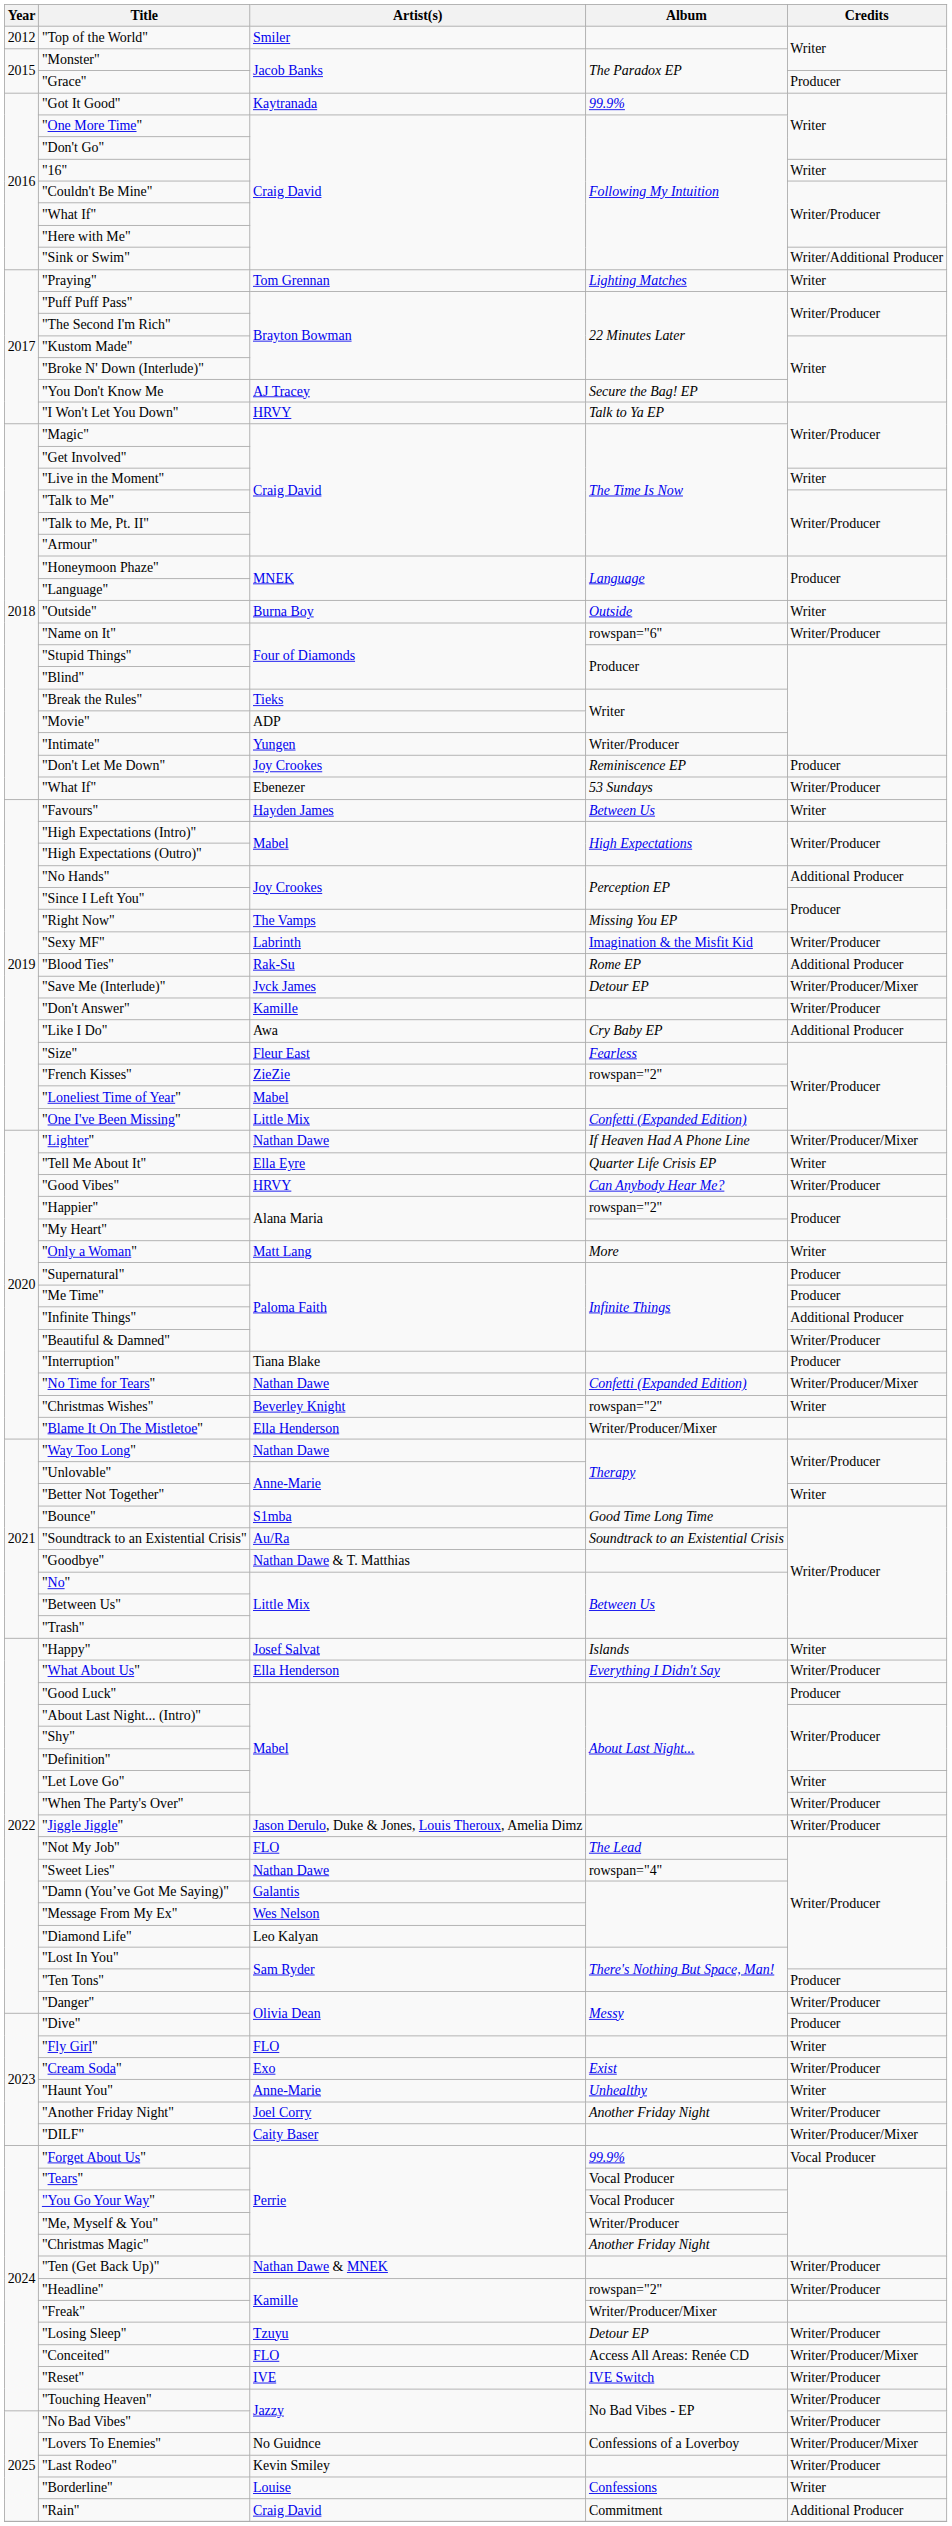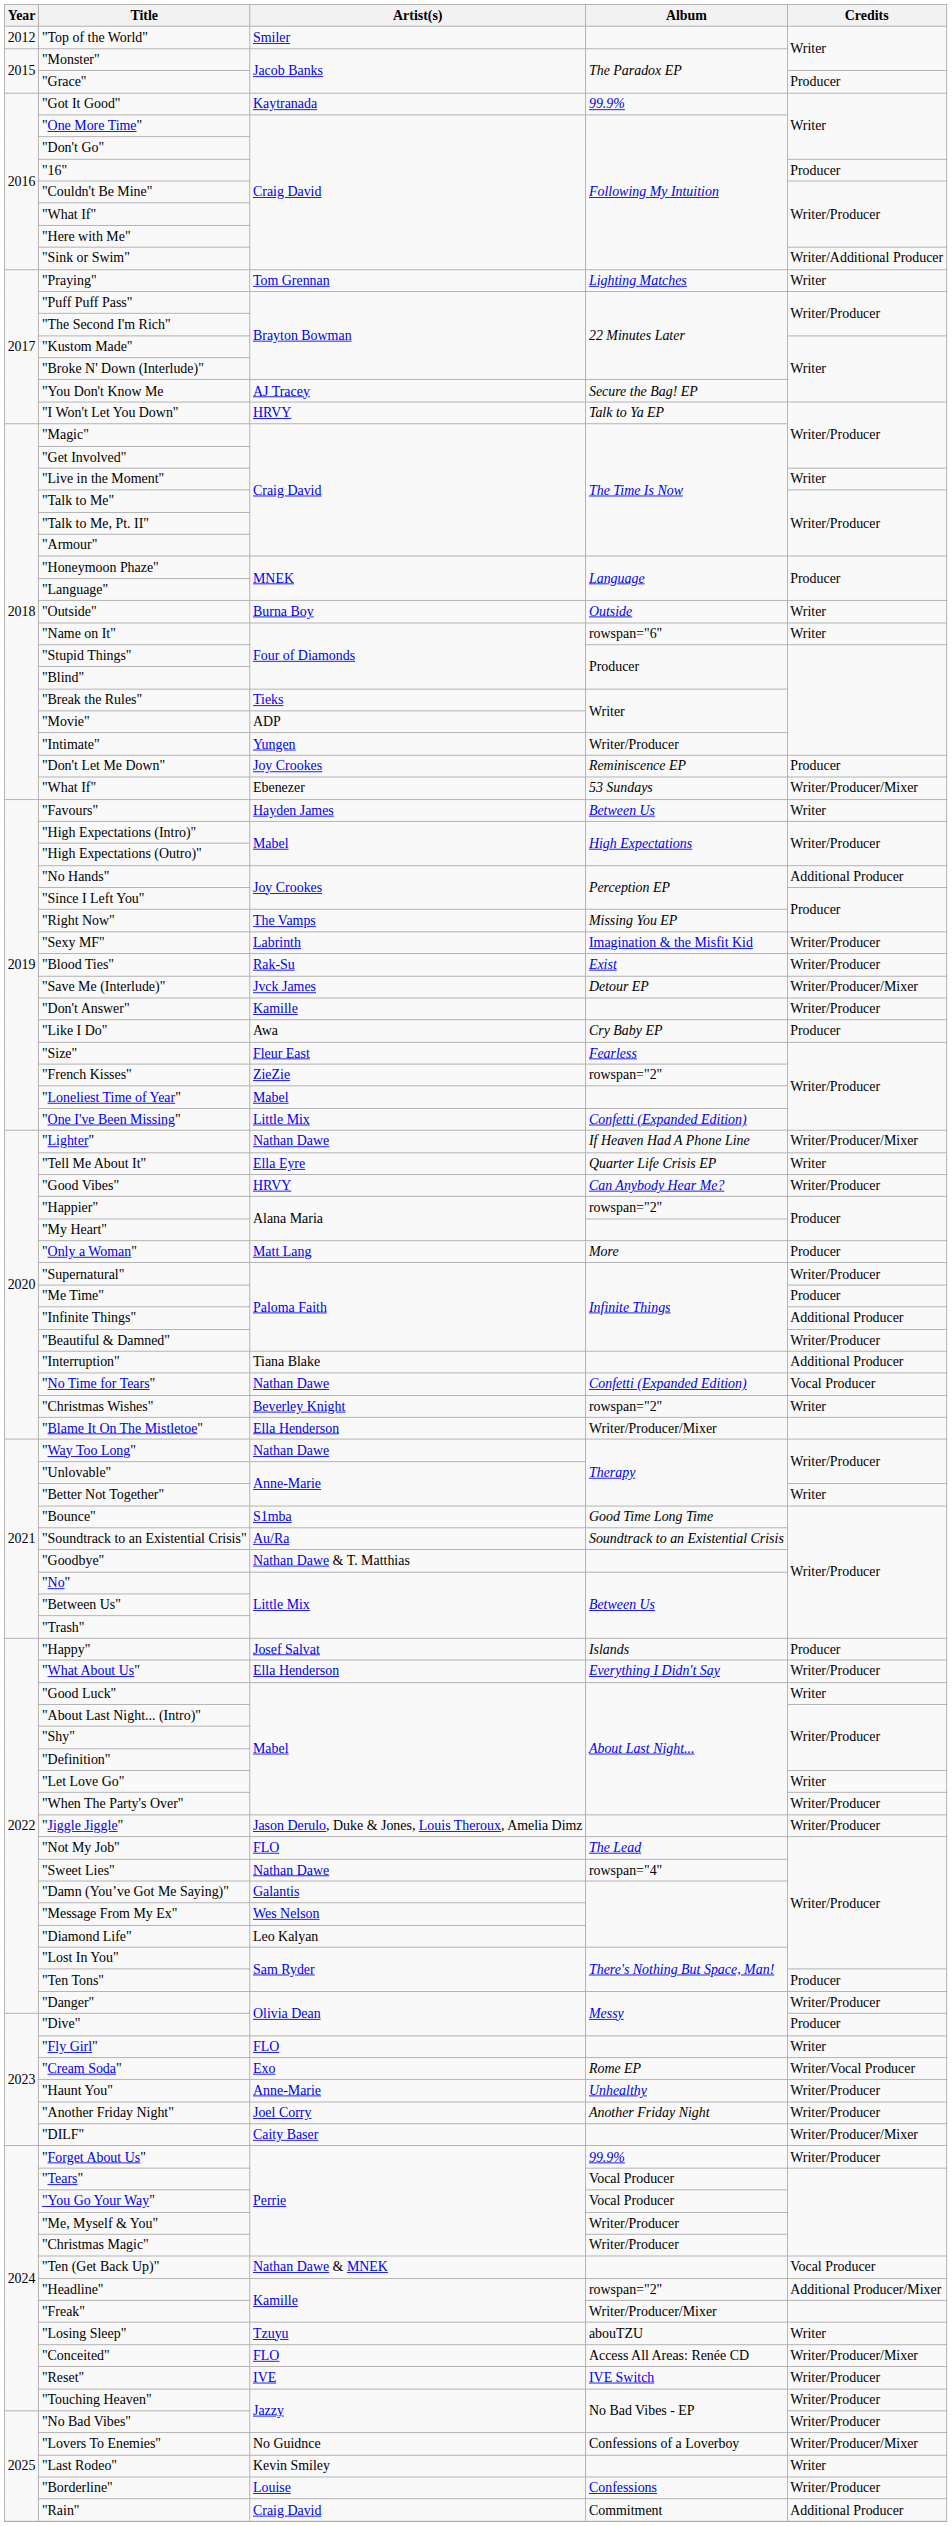 <table class="wikitable plainrowheaders"">
 <tr>
 <th scope="col">Year</th>
 <th scope="col">Title</th>
 <th scope="col">Artist(s)</th>
 <th scope="col">Album</th>
 <th scope="col">Credits</th>
 </tr>
 <tr>
 <td>2012</td>
 <td>"Top of the World" </td>
 <td><a href='#'>Smiler</a></td>
 <td></td>
 <td rowspan="2">Writer</td>
 </tr>
 <tr>
 <td rowspan="2">2015</td>
 <td>"Monster" </td>
 <td rowspan="2"><a href='#'>Jacob Banks</a></td>
 <td rowspan="2"><em>The Paradox EP</em></td>
 </tr>
 <tr>
 <td>"Grace"</td>
 <td>Producer</td>
 </tr>
 <tr>
 <td rowspan="8">2016</td>
 <td>"Got It Good" </td>
 <td><a href='#'>Kaytranada</a></td>
 <td><em><a href='#'>99.9%</a></em></td>
 <td rowspan="3">Writer</td>
 </tr>
 <tr>
 <td>"<a href='#'>One More Time</a>"</td>
 <td rowspan="7"><a href='#'>Craig David</a></td>
 <td rowspan="7"><em><a href='#'>Following My Intuition</a></em></td>
 </tr>
 <tr>
 <td>"Don't Go"</td>
 </tr>
 <tr>
 <td>"16"</td>
-<td>Writer</td>
+<td>Producer</td>
 </tr>
 <tr>
 <td>"Couldn't Be Mine"</td>
 <td rowspan="3">Writer/Producer</td>
 </tr>
 <tr>
 <td>"What If"</td>
 </tr>
 <tr>
 <td>"Here with Me"</td>
 </tr>
 <tr>
 <td>"Sink or Swim"</td>
 <td>Writer/Additional Producer</td>
 </tr>
 <tr>
 <td rowspan="7">2017</td>
 <td>"Praying"</td>
 <td><a href='#'>Tom Grennan</a></td>
 <td><em><a href='#'>Lighting Matches</a></em></td>
 <td>Writer</td>
 </tr>
 <tr>
 <td>"Puff Puff Pass"</td>
 <td rowspan="4"><a href='#'>Brayton Bowman</a></td>
 <td rowspan="4"><em>22 Minutes Later</em></td>
 <td rowspan="2">Writer/Producer</td>
 </tr>
 <tr>
 <td>"The Second I'm Rich"</td>
 </tr>
 <tr>
 <td>"Kustom Made"</td>
 <td rowspan="3">Writer</td>
 </tr>
 <tr>
 <td>"Broke N' Down (Interlude)"</td>
 </tr>
 <tr>
 <td>"You Don't Know Me </td>
 <td><a href='#'>AJ Tracey</a></td>
 <td><em>Secure the Bag! EP</em></td>
 </tr>
 <tr>
 <td>"I Won't Let You Down"</td>
 <td><a href='#'>HRVY</a></td>
 <td><em>Talk to Ya EP</em></td>
 <td rowspan="3">Writer/Producer</td>
 </tr>
 <tr>
 <td rowspan="17">2018</td>
 <td>"Magic"</td>
 <td rowspan="6"><a href='#'>Craig David</a></td>
 <td rowspan="6"><em><a href='#'>The Time Is Now</a></em></td>
 </tr>
 <tr>
 <td>"Get Involved" </td>
 </tr>
 <tr>
 <td>"Live in the Moment" </td>
 <td>Writer</td>
 </tr>
 <tr>
 <td>"Talk to Me"</td>
 <td rowspan="3">Writer/Producer</td>
 </tr>
 <tr>
 <td>"Talk to Me, Pt. II" </td>
 </tr>
 <tr>
 <td>"Armour"</td>
 </tr>
 <tr>
 <td>"Honeymoon Phaze"</td>
 <td rowspan="2"><a href='#'>MNEK</a></td>
 <td rowspan="2"><em><a href='#'>Language</a></em></td>
 <td rowspan="2">Producer</td>
 </tr>
 <tr>
 <td>"Language"</td>
 </tr>
 <tr>
 <td>"Outside" </td>
 <td><a href='#'>Burna Boy</a></td>
 <td><em><a href='#'>Outside</a></em></td>
 <td>Writer</td>
 </tr>
 <tr>
 <td>"Name on It" </td>
 <td rowspan="3"><a href='#'>Four of Diamonds</a></td>
 <td>rowspan="6" </td>
-<td>Writer/Producer</td>
+<td>Writer</td>
 </tr>
 <tr>
 <td>"Stupid Things" </td>
 <td rowspan="2">Producer</td>
 </tr>
 <tr>
 <td>"Blind"</td>
 </tr>
 <tr>
 <td>"Break the Rules" </td>
 <td><a href='#'>Tieks</a></td>
 <td rowspan="2">Writer</td>
 </tr>
 <tr>
 <td>"Movie" </td>
 <td>ADP</td>
 </tr>
 <tr>
 <td>"Intimate" </td>
 <td><a href='#'>Yungen</a></td>
 <td>Writer/Producer</td>
 </tr>
 <tr>
 <td>"Don't Let Me Down"</td>
 <td><a href='#'>Joy Crookes</a></td>
 <td><em>Reminiscence EP</em></td>
 <td>Producer</td>
 </tr>
 <tr>
 <td>"What If"</td>
 <td>Ebenezer</td>
 <td><em>53 Sundays</em></td>
-<td>Writer/Producer</td>
+<td>Writer/Producer/Mixer</td>
 </tr>
 <tr>
 <td rowspan="15">2019</td>
 <td>"Favours" </td>
 <td><a href='#'>Hayden James</a></td>
 <td><em><a href='#'>Between Us</a></em></td>
 <td>Writer</td>
 </tr>
 <tr>
 <td>"High Expectations (Intro)"</td>
 <td rowspan="2"><a href='#'>Mabel</a></td>
 <td rowspan="2"><em><a href='#'>High Expectations</a></em></td>
 <td rowspan="2">Writer/Producer</td>
 </tr>
 <tr>
 <td>"High Expectations (Outro)"</td>
 </tr>
 <tr>
 <td>"No Hands"</td>
 <td rowspan="2"><a href='#'>Joy Crookes</a></td>
 <td rowspan="2"><em>Perception EP</em></td>
 <td>Additional Producer</td>
 </tr>
 <tr>
 <td>"Since I Left You"</td>
 <td rowspan="2">Producer</td>
 </tr>
 <tr>
 <td>"Right Now" </td>
 <td><a href='#'>The Vamps</a></td>
 <td><em>Missing You EP</em></td>
 </tr>
 <tr>
 <td>"Sexy MF"</td>
 <td><a href='#'>Labrinth</a></td>
 <td><a href='#'>Imagination & the Misfit Kid</a></td>
 <td>Writer/Producer</td>
 </tr>
 <tr>
 <td>"Blood Ties"</td>
 <td><a href='#'>Rak-Su</a></td>
-<td><em>Rome EP</em></td>
-<td>Additional Producer</td>
+<td><em><a href='#'>Exist</a></em></td>
+<td>Writer/Producer</td>
 </tr>
 <tr>
 <td>"Save Me (Interlude)"</td>
 <td><a href='#'>Jvck James</a></td>
 <td><em>Detour EP</em></td>
 <td>Writer/Producer/Mixer</td>
 </tr>
 <tr>
 <td>"Don't Answer" </td>
 <td><a href='#'>Kamille</a></td>
 <td></td>
 <td>Writer/Producer</td>
 </tr>
 <tr>
 <td>"Like I Do"</td>
 <td>Awa</td>
 <td><em>Cry Baby EP</em></td>
-<td>Additional Producer</td>
+<td>Producer</td>
 </tr>
 <tr>
 <td>"Size"</td>
 <td><a href='#'>Fleur East</a></td>
 <td><em><a href='#'>Fearless</a></em></td>
 <td rowspan="4">Writer/Producer</td>
 </tr>
 <tr>
 <td>"French Kisses" </td>
 <td><a href='#'>ZieZie</a></td>
 <td>rowspan="2" </td>
 </tr>
 <tr>
 <td>"<a href='#'>Loneliest Time of Year</a>"</td>
 <td><a href='#'>Mabel</a></td>
 </tr>
 <tr>
 <td>"<a href='#'>One I've Been Missing</a>"</td>
 <td><a href='#'>Little Mix</a></td>
 <td><em><a href='#'>Confetti (Expanded Edition)</a></em></td>
 </tr>
 <tr>
 <td rowspan="14">2020</td>
 <td>"<a href='#'>Lighter</a>" </td>
 <td><a href='#'>Nathan Dawe</a></td>
 <td><em>If Heaven Had A Phone Line</em></td>
 <td>Writer/Producer/Mixer</td>
 </tr>
 <tr>
 <td>"Tell Me About It"</td>
 <td><a href='#'>Ella Eyre</a></td>
 <td><em>Quarter Life Crisis EP</em></td>
 <td>Writer</td>
 </tr>
 <tr>
 <td>"Good Vibes" </td>
 <td><a href='#'>HRVY</a></td>
 <td><em><a href='#'>Can Anybody Hear Me?</a></em></td>
 <td>Writer/Producer</td>
 </tr>
 <tr>
 <td>"Happier"</td>
 <td rowspan="2">Alana Maria</td>
 <td>rowspan="2" </td>
 <td rowspan="2">Producer</td>
 </tr>
 <tr>
 <td>"My Heart"</td>
 </tr>
 <tr>
 <td>"<a href='#'>Only a Woman</a>"</td>
 <td><a href='#'>Matt Lang</a></td>
 <td><em>More</em></td>
-<td>Writer</td>
+<td>Producer</td>
 </tr>
 <tr>
 <td>"Supernatural"</td>
 <td rowspan="4"><a href='#'>Paloma Faith</a></td>
 <td rowspan="4"><em><a href='#'>Infinite Things</a></em></td>
-<td>Producer</td>
+<td>Writer/Producer</td>
 </tr>
 <tr>
 <td>"Me Time"</td>
 <td>Producer</td>
 </tr>
 <tr>
 <td>"Infinite Things"</td>
 <td>Additional Producer</td>
 </tr>
 <tr>
 <td>"Beautiful & Damned"</td>
 <td>Writer/Producer</td>
 </tr>
 <tr>
 <td>"Interruption"</td>
 <td>Tiana Blake</td>
 <td></td>
-<td>Producer</td>
+<td>Additional Producer</td>
 </tr>
 <tr>
 <td>"<a href='#'>No Time for Tears</a>" </td>
 <td><a href='#'>Nathan Dawe</a></td>
 <td><em><a href='#'>Confetti (Expanded Edition)</a></em></td>
-<td>Writer/Producer/Mixer</td>
+<td>Vocal Producer</td>
 </tr>
 <tr>
 <td>"Christmas Wishes" </td>
 <td><a href='#'>Beverley Knight</a></td>
 <td>rowspan="2" </td>
 <td>Writer</td>
 </tr>
 <tr>
 <td>"<a href='#'>Blame It On The Mistletoe</a>" </td>
 <td><a href='#'>Ella Henderson</a></td>
 <td>Writer/Producer/Mixer</td>
 </tr>
 <tr>
 <td rowspan="9">2021</td>
 <td>"<a href='#'>Way Too Long</a>" </td>
 <td><a href='#'>Nathan Dawe</a></td>
 <td rowspan="3"><em><a href='#'>Therapy</a></em></td>
 <td rowspan="2">Writer/Producer</td>
 </tr>
 <tr>
 <td>"Unlovable" </td>
 <td rowspan="2"><a href='#'>Anne-Marie</a></td>
 </tr>
 <tr>
 <td>"Better Not Together"</td>
 <td>Writer</td>
 </tr>
 <tr>
 <td>"Bounce" </td>
 <td><a href='#'>S1mba</a></td>
 <td><em>Good Time Long Time</em></td>
 <td rowspan="6">Writer/Producer</td>
 </tr>
 <tr>
 <td>"Soundtrack to an Existential Crisis"</td>
 <td><a href='#'>Au/Ra</a></td>
 <td><em>Soundtrack to an Existential Crisis</em></td>
 </tr>
 <tr>
 <td>"Goodbye"</td>
 <td><a href='#'>Nathan Dawe</a> & T. Matthias</td>
 <td></td>
 </tr>
 <tr>
 <td>"<a href='#'>No</a>"</td>
 <td rowspan="3"><a href='#'>Little Mix</a></td>
 <td rowspan="3"><em><a href='#'>Between Us</a></em></td>
 </tr>
 <tr>
 <td>"Between Us"</td>
 </tr>
 <tr>
 <td>"Trash"</td>
 </tr>
 <tr>
 <td rowspan="17">2022</td>
 <td>"Happy"</td>
 <td><a href='#'>Josef Salvat</a></td>
 <td><em>Islands</em></td>
-<td>Writer</td>
+<td>Producer</td>
 </tr>
 <tr>
 <td>"<a href='#'>What About Us</a>"</td>
 <td><a href='#'>Ella Henderson</a></td>
 <td><em><a href='#'>Everything I Didn't Say</a></em></td>
 <td>Writer/Producer</td>
 </tr>
 <tr>
 <td>"Good Luck" </td>
 <td rowspan="6"><a href='#'>Mabel</a></td>
 <td rowspan="6"><em><a href='#'>About Last Night...</a></em></td>
-<td>Producer</td>
+<td>Writer</td>
 </tr>
 <tr>
 <td>"About Last Night... (Intro)"</td>
 <td rowspan="3">Writer/Producer</td>
 </tr>
 <tr>
 <td>"Shy"</td>
 </tr>
 <tr>
 <td>"Definition"</td>
 </tr>
 <tr>
 <td>"Let Love Go" </td>
 <td>Writer</td>
 </tr>
 <tr>
 <td>"When The Party's Over"</td>
 <td>Writer/Producer</td>
 </tr>
 <tr>
 <td>"<a href='#'>Jiggle Jiggle</a>"</td>
 <td><a href='#'>Jason Derulo</a>, Duke & Jones, <a href='#'>Louis Theroux</a>, Amelia Dimz</td>
 <td></td>
 <td>Writer/Producer</td>
 </tr>
 <tr>
 <td>"Not My Job"</td>
 <td><a href='#'>FLO</a></td>
 <td><em><a href='#'>The Lead</a></em></td>
 <td rowspan="6">Writer/Producer</td>
 </tr>
 <tr>
 <td>"Sweet Lies" </td>
 <td><a href='#'>Nathan Dawe</a></td>
 <td>rowspan="4" </td>
 </tr>
 <tr>
 <td>"Damn (You’ve Got Me Saying)" </td>
 <td><a href='#'>Galantis</a></td>
 </tr>
 <tr>
 <td>"Message From My Ex"</td>
 <td><a href='#'>Wes Nelson</a></td>
 </tr>
 <tr>
 <td>"Diamond Life" </td>
 <td>Leo Kalyan</td>
 </tr>
 <tr>
 <td>"Lost In You"</td>
 <td rowspan="2"><a href='#'>Sam Ryder</a></td>
 <td rowspan="2"><em><a href='#'>There's Nothing But Space, Man!</a></em></td>
 </tr>
 <tr>
 <td>"Ten Tons"</td>
 <td>Producer</td>
 </tr>
 <tr>
 <td>"Danger"</td>
 <td rowspan="2"><a href='#'>Olivia Dean</a></td>
 <td rowspan="2"><em><a href='#'>Messy</a></em></td>
 <td>Writer/Producer</td>
 </tr>
 <tr>
 <td rowspan="6">2023</td>
 <td>"Dive"</td>
 <td>Producer</td>
 </tr>
 <tr>
 <td>"<a href='#'>Fly Girl</a>" </td>
 <td><a href='#'>FLO</a></td>
 <td></td>
 <td>Writer</td>
 </tr>
 <tr>
 <td>"<a href='#'>Cream Soda</a>"</td>
 <td><a href='#'>Exo</a></td>
-<td><em><a href='#'>Exist</a></em></td>
-<td>Writer/Producer</td>
+<td><em>Rome EP</em></td>
+<td>Writer/Vocal Producer</td>
 </tr>
 <tr>
 <td>"Haunt You"</td>
 <td><a href='#'>Anne-Marie</a></td>
 <td><em><a href='#'>Unhealthy</a></em></td>
-<td>Writer</td>
+<td>Writer/Producer</td>
 </tr>
 <tr>
 <td>"Another Friday Night"</td>
 <td><a href='#'>Joel Corry</a></td>
 <td><em>Another Friday Night</em></td>
 <td>Writer/Producer</td>
 </tr>
 <tr>
 <td>"DILF"</td>
 <td><a href='#'>Caity Baser</a></td>
 <td></td>
 <td>Writer/Producer/Mixer</td>
 </tr>
 <tr>
 <td rowspan="12">2024</td>
 <td>"<a href='#'>Forget About Us</a>"</td>
 <td rowspan="5"><a href='#'>Perrie</a></td>
 <td><em><a href='#'>99.9%</a></em></td>
-<td>Vocal Producer</td>
+<td>Writer/Producer</td>
 </tr>
 <tr>
 <td>"<a href='#'>Tears</a>"</td>
 <td>Vocal Producer</td>
 </tr>
 <tr>
 <td><a href='#'>"You Go Your Way</a>"</td>
 <td>Vocal Producer</td>
 </tr>
 <tr>
 <td>"Me, Myself & You"</td>
 <td>Writer/Producer</td>
 </tr>
 <tr>
 <td>"Christmas Magic"</td>
-<td><em>Another Friday Night</em></td>
+<td>Writer/Producer</td>
 </tr>
 <tr>
 <td>"Ten (Get Back Up)"</td>
 <td><a href='#'>Nathan Dawe</a> & <a href='#'>MNEK</a></td>
 <td></td>
-<td>Writer/Producer</td>
+<td>Vocal Producer</td>
 </tr>
 <tr>
 <td>"Headline"</td>
 <td rowspan="2"><a href='#'>Kamille</a></td>
 <td>rowspan="2" </td>
-<td>Writer/Producer</td>
+<td>Additional Producer/Mixer</td>
 </tr>
 <tr>
 <td>"Freak"</td>
 <td>Writer/Producer/Mixer</td>
 </tr>
 <tr>
 <td>"Losing Sleep"</td>
 <td><a href='#'>Tzuyu</a></td>
-<td><em>Detour EP</em></td>
-<td>Writer/Producer</td>
+<td>abouTZU</td>
+<td>Writer</td>
 </tr>
 <tr>
 <td>"Conceited"</td>
 <td><a href='#'>FLO</a></td>
 <td>Access All Areas: Renée CD</td>
 <td>Writer/Producer/Mixer</td>
 </tr>
 <tr>
 <td>"Reset"</td>
 <td><a href='#'>IVE</a></td>
 <td><a href='#'>IVE Switch</a></td>
 <td>Writer/Producer</td>
 </tr>
 <tr>
 <td>"Touching Heaven" </td>
 <td rowspan="2"><a href='#'>Jazzy</a></td>
 <td rowspan="2">No Bad Vibes - EP</td>
 <td>Writer/Producer</td>
 </tr>
 <tr>
 <td rowspan="5">2025</td>
 <td>"No Bad Vibes" </td>
 <td>Writer/Producer</td>
 </tr>
 <tr>
 <td>"Lovers To Enemies"</td>
 <td>No Guidnce</td>
 <td>Confessions of a Loverboy</td>
 <td>Writer/Producer/Mixer</td>
 </tr>
 <tr>
 <td>"Last Rodeo"</td>
 <td>Kevin Smiley</td>
 <td></td>
-<td>Writer/Producer</td>
+<td>Writer</td>
 </tr>
 <tr>
 <td>"Borderline"</td>
 <td><a href='#'>Louise</a></td>
 <td><a href='#'>Confessions</a></td>
-<td>Writer</td>
+<td>Writer/Producer</td>
 </tr>
 <tr>
 <td>"Rain"</td>
 <td><a href='#'>Craig David</a></td>
 <td>Commitment</td>
 <td>Additional Producer</td>
 </tr>
 <tr>
 </tr>
 </table>
